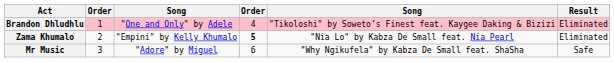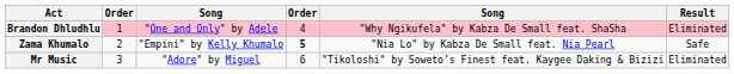 <table class="wikitable plainrowheaders" style="text-align:center;">
 <tr>
 <th scope"col">Act</th>
 <th scope"col">Order</th>
 <th scope"col">Song</th>
 <th scope"col">Order</th>
 <th scope"col">Song</th>
 <th scope"col">Result</th>
 </tr>
 <tr style="background: pink">
 <th scope=row>Brandon Dhludhlu</th>
 <td>1</td>
 <td>"<a href='#'>One and Only</a>" by <a href='#'>Adele</a></td>
 <td>4</td>
-<td>"Tikoloshi" by Soweto’s Finest feat. Kaygee Daking & Bizizi</td>
+<td>"Why Ngikufela" by Kabza De Small feat. ShaSha</td>
 <td>Eliminated</td>
 </tr>
 <tr>
 <th scope=row>Zama Khumalo</th>
 <td>2</td>
 <td>"Empini" by <a href='#'>Kelly Khumalo</a></td>
 <td><strong>5</strong></td>
 <td>"Nia Lo" by Kabza De Small feat. <a href='#'>Nia Pearl</a></td>
-<td>Eliminated</td>
+<td>Safe</td>
 </tr>
 <tr>
 <th scope=row>Mr Music</th>
 <td>3</td>
 <td>"<a href='#'>Adore</a>" by <a href='#'>Miguel</a></td>
 <td>6</td>
-<td>"Why Ngikufela" by Kabza De Small feat. ShaSha</td>
-<td>Safe</td>
+<td>"Tikoloshi" by Soweto’s Finest feat. Kaygee Daking & Bizizi</td>
+<td>Eliminated</td>
 </tr>
 </table>
